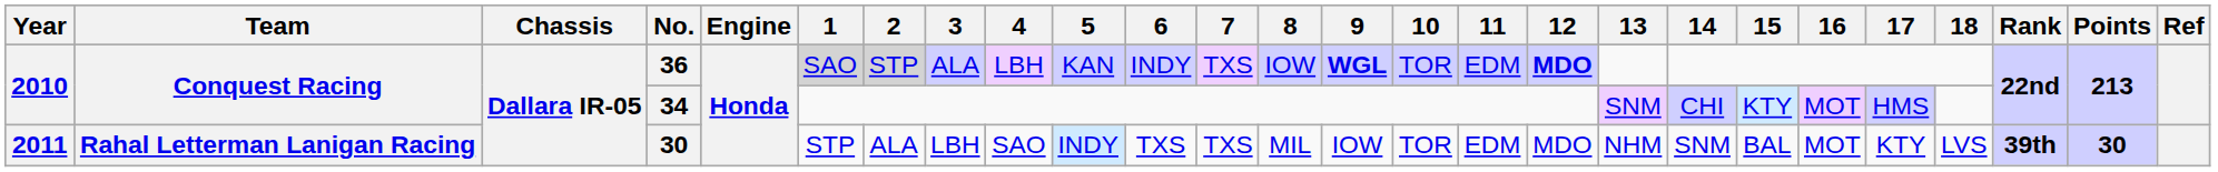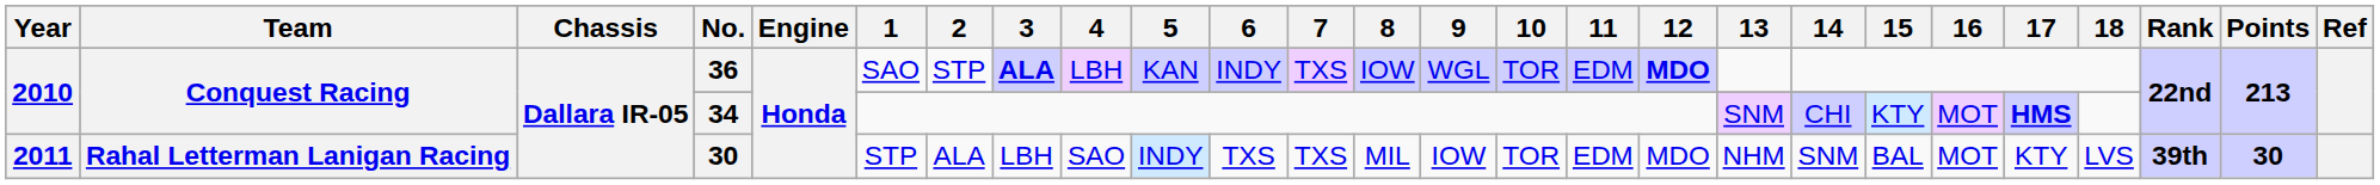 <table class="wikitable" style="text-align:center; font-size:85%">
 <tr>
 <th>Year</th>
 <th>Team</th>
 <th>Chassis</th>
 <th>No.</th>
 <th>Engine</th>
 <th>1</th>
 <th>2</th>
 <th>3</th>
 <th>4</th>
 <th>5</th>
 <th>6</th>
 <th>7</th>
 <th>8</th>
 <th>9</th>
 <th>10</th>
 <th>11</th>
 <th>12</th>
 <th>13</th>
 <th>14</th>
 <th>15</th>
 <th>16</th>
 <th>17</th>
 <th>18</th>
 <th>Rank</th>
 <th>Points</th>
 <th>Ref</th>
 </tr>
 <tr>
 <th rowspan=2><a href='#'>2010</a></th>
 <th rowspan=2 nowrap><a href='#'>Conquest Racing</a></th>
 <th rowspan=3 nowrap><a href='#'>Dallara</a> IR-05</th>
 <th>36</th>
 <th rowspan=3><a href='#'>Honda</a></th>
-<td style="background: lightgrey;"><a href='#'>SAO</a></td>
-<td style="background: lightgrey;"><a href='#'>STP</a></td>
-<td style="background:#CFCFFF;"><a href='#'>ALA</a><br></td>
+<td><a href='#'>SAO</a></td>
+<td><a href='#'>STP</a></td>
+<td style="background:#CFCFFF;"><strong><a href='#'>ALA</a><br></strong></td>
 <td style="background:#EFCFFF;"><a href='#'>LBH</a><br></td>
 <td style="background:#CFCFFF;"><a href='#'>KAN</a><br></td>
 <td style="background:#CFCFFF;"><a href='#'>INDY</a><br></td>
 <td style="background:#EFCFFF;"><a href='#'>TXS</a><br></td>
 <td style="background:#CFCFFF;"><a href='#'>IOW</a><br></td>
-<td style="background:#CFCFFF;"><strong><a href='#'>WGL</a><br></strong></td>
+<td style="background:#CFCFFF;"><a href='#'>WGL</a><br></td>
 <td style="background:#CFCFFF;"><a href='#'>TOR</a><br></td>
 <td style="background:#CFCFFF;"><a href='#'>EDM</a><br></td>
 <td style="background:#CFCFFF;"><strong><a href='#'>MDO</a><br></strong></td>
 <td></td>
 <td colspan=5></td>
 <th rowspan=2 style="background:#CFCFFF;">22nd</th>
 <th rowspan=2 style="background:#CFCFFF;">213</th>
 <th rowspan=2></th>
 </tr>
 <tr>
 <th>34</th>
 <td colspan=12></td>
 <td style="background:#EFCFFF;"><a href='#'>SNM</a><br></td>
 <td style="background:#CFCFFF;"><a href='#'>CHI</a><br></td>
 <td style="background:#CFEAFF;"><a href='#'>KTY</a><br></td>
 <td style="background:#EFCFFF;"><a href='#'>MOT</a><br></td>
-<td style="background:#CFCFFF;"><a href='#'>HMS</a><br></td>
+<td style="background:#CFCFFF;"><strong><a href='#'>HMS</a><br></strong></td>
 </tr>
 <tr>
 <th><a href='#'>2011</a></th>
 <th nowrap><a href='#'>Rahal Letterman Lanigan Racing</a></th>
 <th>30</th>
 <td><a href='#'>STP</a></td>
 <td><a href='#'>ALA</a></td>
 <td><a href='#'>LBH</a></td>
 <td><a href='#'>SAO</a></td>
 <td style="background:#CFEAFF;"><a href='#'>INDY</a><br></td>
 <td><a href='#'>TXS</a></td>
 <td><a href='#'>TXS</a></td>
 <td><a href='#'>MIL</a></td>
 <td><a href='#'>IOW</a></td>
 <td><a href='#'>TOR</a></td>
 <td><a href='#'>EDM</a></td>
 <td><a href='#'>MDO</a></td>
 <td><a href='#'>NHM</a></td>
 <td><a href='#'>SNM</a></td>
 <td><a href='#'>BAL</a></td>
 <td><a href='#'>MOT</a></td>
 <td><a href='#'>KTY</a></td>
 <td><a href='#'>LVS</a></td>
 <th style="background:#CFCFFF;">39th</th>
 <th style="background:#CFCFFF;">30</th>
 <th></th>
 </tr>
 </table>
